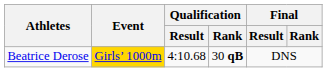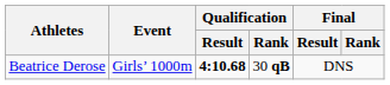 <table class="wikitable" border="1" style="font-size:90%">
 <tr>
 <th rowspan=2>Athletes</th>
 <th rowspan=2>Event</th>
 <th colspan=2>Qualification</th>
 <th colspan=2>Final</th>
 </tr>
 <tr>
 <th>Result</th>
 <th>Rank</th>
 <th>Result</th>
 <th>Rank</th>
 </tr>
 <tr>
 <td><a href='#'>Beatrice Derose</a></td>
-<td style="background: gold;"><a href='#'>Girls’ 1000m</a></td>
-<td align=center>4:10.68</td>
+<td><a href='#'>Girls’ 1000m</a></td>
+<td align=center><strong>4:10.68</strong></td>
 <td align=center>30 <strong>qB</strong></td>
 <td align=center colspan=2>DNS</td>
 </tr>
 </table>
